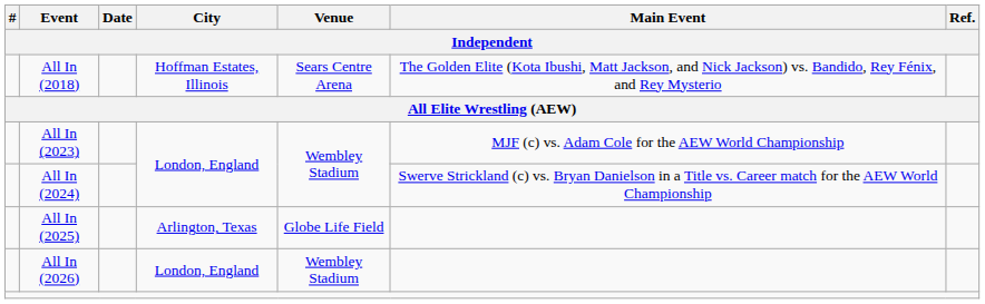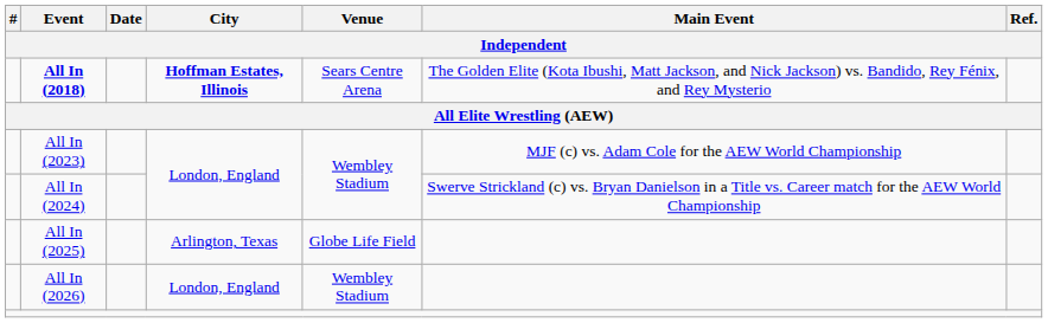 <table class="mw-datatable wikitable sortable succession-box" style="font-size:85%; text-align:center;" width="100%">
 <tr>
 <th>#</th>
 <th>Event</th>
 <th>Date</th>
 <th>City</th>
 <th>Venue</th>
 <th>Main Event</th>
 <th>Ref.</th>
 </tr>
 <tr>
 <th colspan=7><a href='#'>Independent</a></th>
 </tr>
 <tr>
 <td></td>
-<td><a href='#'>All In (2018)</a></td>
+<td><strong><a href='#'>All In (2018)</a></strong></td>
 <td></td>
-<td><a href='#'>Hoffman Estates, Illinois</a></td>
+<td><strong><a href='#'>Hoffman Estates, Illinois</a></strong></td>
 <td><a href='#'>Sears Centre Arena</a></td>
 <td><a href='#'>The Golden Elite</a> (<a href='#'>Kota Ibushi</a>, <a href='#'>Matt Jackson</a>, and <a href='#'>Nick Jackson</a>) vs. <a href='#'>Bandido</a>, <a href='#'>Rey Fénix</a>, and <a href='#'>Rey Mysterio</a></td>
 <td></td>
 </tr>
 <tr>
 <th colspan=7><a href='#'>All Elite Wrestling</a> (AEW)</th>
 </tr>
 <tr>
 <td></td>
 <td><a href='#'>All In (2023)</a></td>
 <td></td>
 <td rowspan=2><a href='#'>London, England</a></td>
 <td rowspan=2><a href='#'>Wembley Stadium</a></td>
 <td><a href='#'>MJF</a> (c) vs. <a href='#'>Adam Cole</a> for the <a href='#'>AEW World Championship</a></td>
 <td></td>
 </tr>
 <tr>
 <td></td>
 <td><a href='#'>All In (2024)</a></td>
 <td></td>
 <td><a href='#'>Swerve Strickland</a> (c) vs. <a href='#'>Bryan Danielson</a> in a <a href='#'>Title vs. Career match</a> for the <a href='#'>AEW World Championship</a></td>
 <td></td>
 </tr>
 <tr>
 <td></td>
 <td><a href='#'>All In (2025)</a></td>
 <td></td>
 <td><a href='#'>Arlington, Texas</a></td>
 <td><a href='#'>Globe Life Field</a></td>
 <td></td>
 <td></td>
 </tr>
 <tr>
 <td></td>
 <td><a href='#'>All In (2026)</a></td>
 <td></td>
 <td><a href='#'>London, England</a></td>
 <td><a href='#'>Wembley Stadium</a></td>
 <td></td>
 <td></td>
 </tr>
 <tr>
 <td colspan="11"></td>
 </tr>
 </table>
